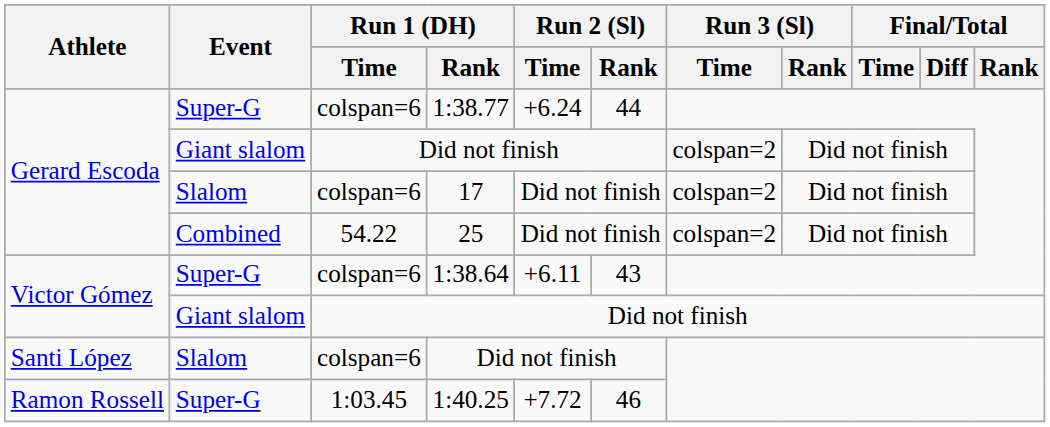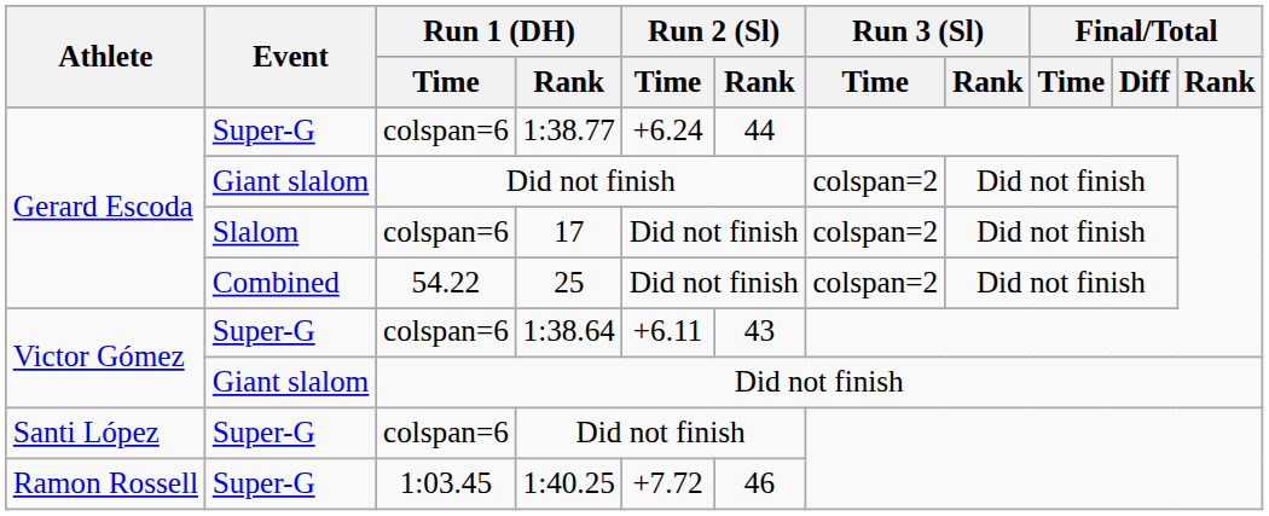 <table class="wikitable" style="font-size:90%">
 <tr>
 <th rowspan="2">Athlete</th>
 <th rowspan="2">Event</th>
 <th colspan="2">Run 1 (DH)</th>
 <th colspan="2">Run 2 (Sl)</th>
 <th colspan="2">Run 3 (Sl)</th>
 <th colspan="3">Final/Total</th>
 </tr>
 <tr>
 <th>Time</th>
 <th>Rank</th>
 <th>Time</th>
 <th>Rank</th>
 <th>Time</th>
 <th>Rank</th>
 <th>Time</th>
 <th>Diff</th>
 <th>Rank</th>
 </tr>
 <tr align="center">
 <td align="left" rowspan=4><a href='#'>Gerard Escoda</a></td>
 <td align="left"><a href='#'>Super-G</a></td>
 <td>colspan=6 </td>
 <td>1:38.77</td>
 <td>+6.24</td>
 <td>44</td>
 </tr>
 <tr align="center">
 <td align="left"><a href='#'>Giant slalom</a></td>
 <td colspan=4>Did not finish</td>
 <td>colspan=2 </td>
 <td colspan=3>Did not finish</td>
 </tr>
 <tr align="center">
 <td align="left"><a href='#'>Slalom</a></td>
 <td>colspan=6 </td>
 <td>17</td>
 <td colspan=2>Did not finish</td>
 <td>colspan=2 </td>
 <td colspan=3>Did not finish</td>
 </tr>
 <tr align="center">
 <td align="left"><a href='#'>Combined</a></td>
 <td>54.22</td>
 <td>25</td>
 <td colspan=2>Did not finish</td>
 <td>colspan=2 </td>
 <td colspan=3>Did not finish</td>
 </tr>
 <tr align="center">
 <td align="left" rowspan=2><a href='#'>Victor Gómez</a></td>
 <td align="left"><a href='#'>Super-G</a></td>
 <td>colspan=6 </td>
 <td>1:38.64</td>
 <td>+6.11</td>
 <td>43</td>
 </tr>
 <tr align="center">
 <td align="left"><a href='#'>Giant slalom</a></td>
 <td colspan=9>Did not finish</td>
 </tr>
 <tr align="center">
 <td align="left"><a href='#'>Santi López</a></td>
-<td align="left"><a href='#'>Slalom</a></td>
+<td align="left"><a href='#'>Super-G</a></td>
 <td>colspan=6 </td>
 <td colspan=3>Did not finish</td>
 </tr>
 <tr align="center">
 <td align="left"><a href='#'>Ramon Rossell</a></td>
 <td align="left"><a href='#'>Super-G</a></td>
 <td>1:03.45</td>
 <td>1:40.25</td>
 <td>+7.72</td>
 <td>46</td>
 </tr>
 </table>
